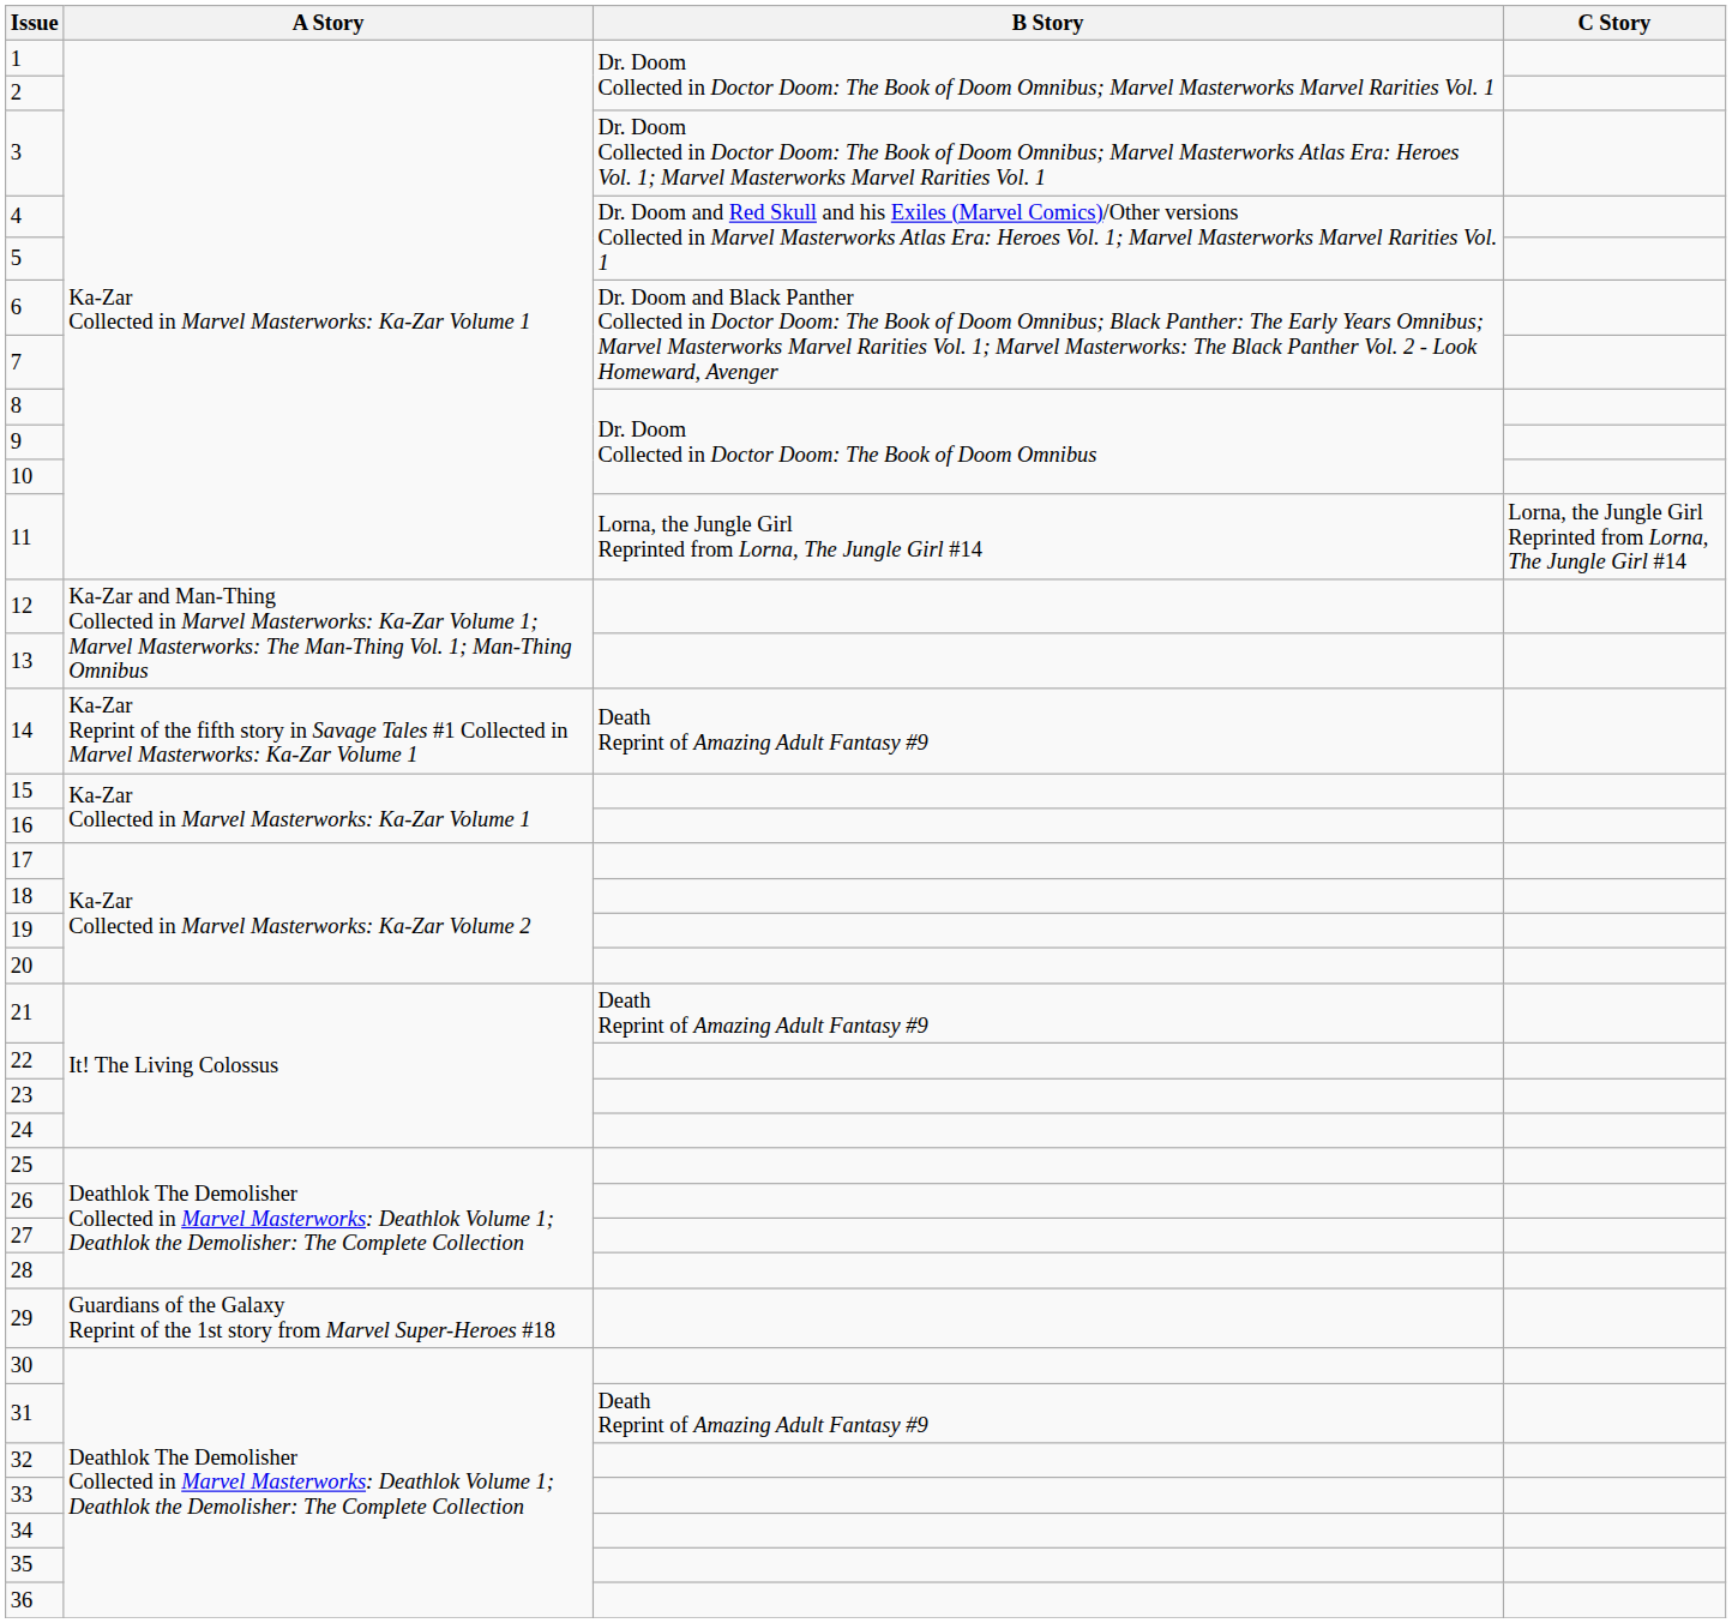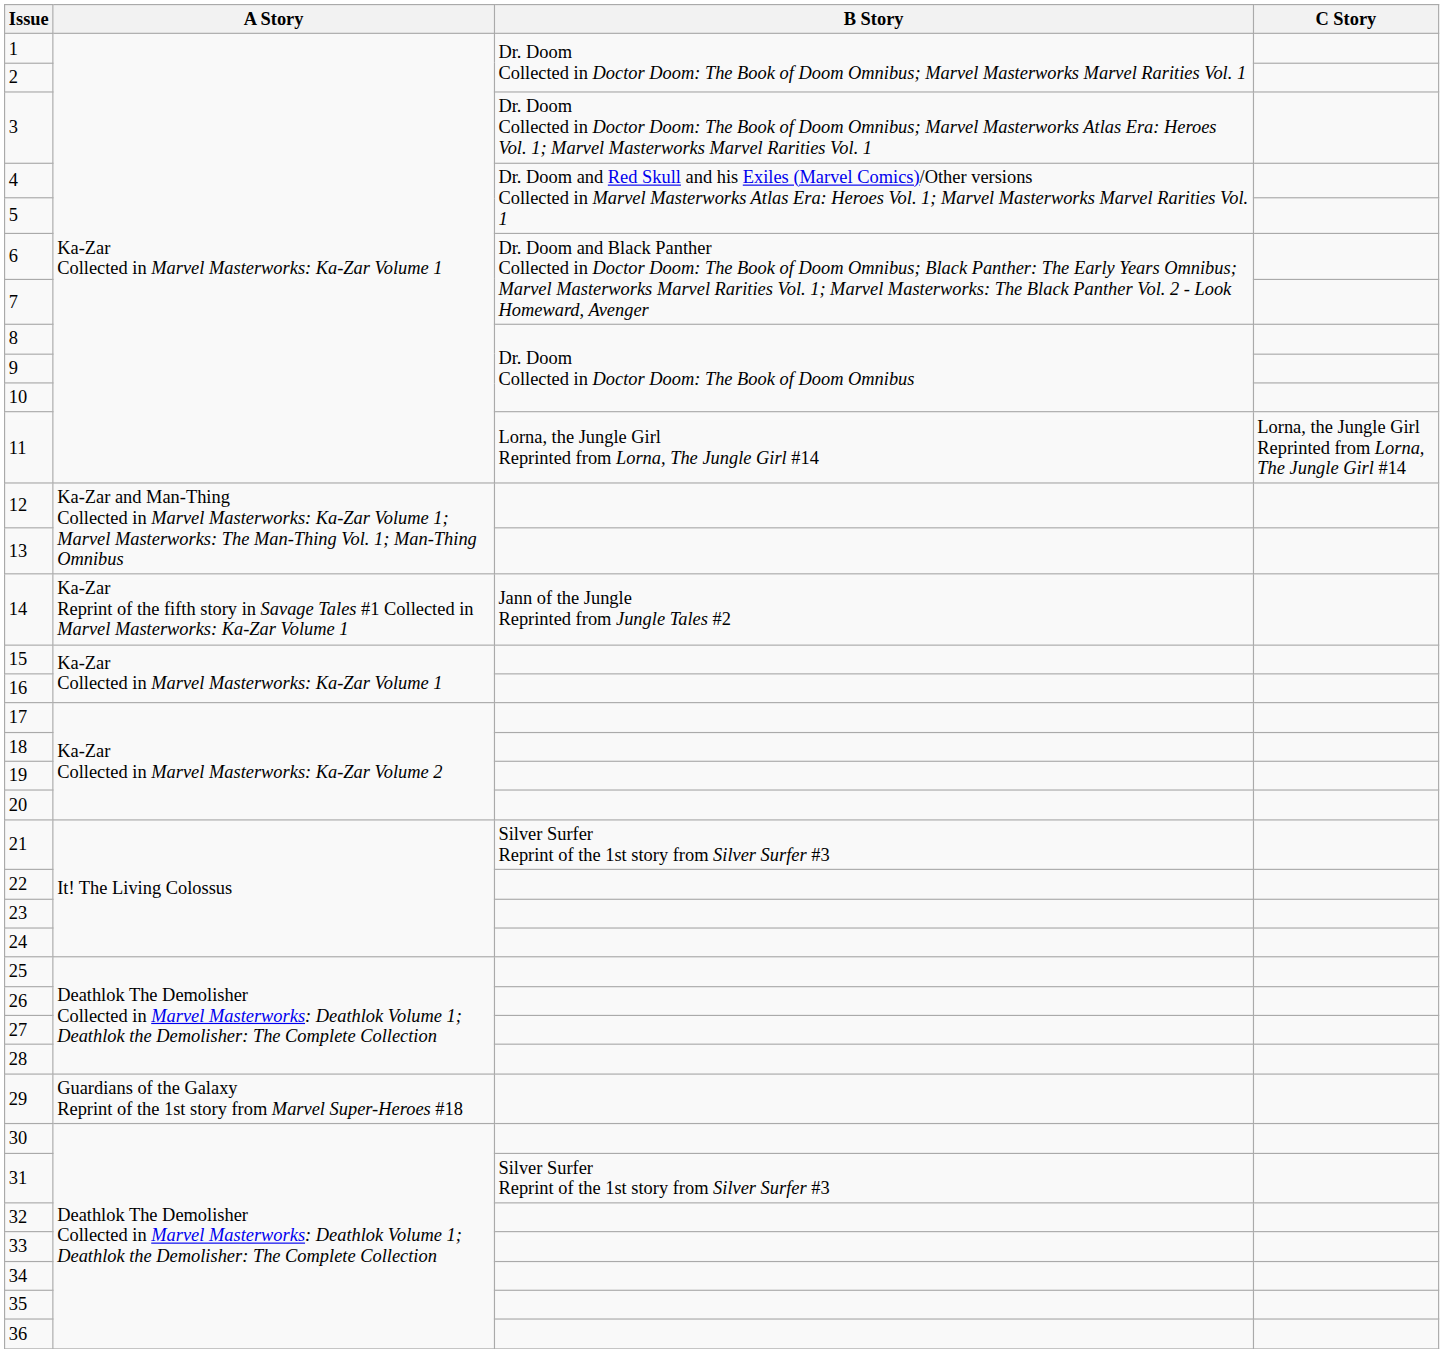 <table class="wikitable">
 <tr>
 <th>Issue</th>
 <th>A Story</th>
 <th>B Story</th>
 <th>C Story</th>
 </tr>
 <tr>
 <td>1</td>
 <td rowspan="11">Ka-Zar<br>Collected in <em>Marvel Masterworks: Ka-Zar Volume 1</em></td>
 <td rowspan="2">Dr. Doom<br>Collected in <em>Doctor Doom: The Book of Doom Omnibus; Marvel Masterworks Marvel Rarities Vol. 1</em></td>
 <td></td>
 </tr>
 <tr>
 <td>2</td>
 <td></td>
 </tr>
 <tr>
 <td>3</td>
 <td>Dr. Doom<br>Collected in <em>Doctor Doom: The Book of Doom Omnibus; Marvel Masterworks Atlas Era: Heroes Vol. 1; Marvel Masterworks Marvel Rarities Vol. 1</em></td>
 <td></td>
 </tr>
 <tr>
 <td>4</td>
 <td rowspan="2">Dr. Doom and <a href='#'>Red Skull</a> and his <a href='#'>Exiles (Marvel Comics)</a>/Other versions<br>Collected in <em>Marvel Masterworks Atlas Era: Heroes Vol. 1; Marvel Masterworks Marvel Rarities Vol. 1</em></td>
 <td></td>
 </tr>
 <tr>
 <td>5</td>
 <td></td>
 </tr>
 <tr>
 <td>6</td>
 <td rowspan="2">Dr. Doom and Black Panther<br>Collected in <em>Doctor Doom: The Book of Doom Omnibus; Black Panther: The Early Years Omnibus; Marvel Masterworks Marvel Rarities Vol. 1; Marvel Masterworks: The Black Panther Vol. 2 - Look Homeward, Avenger</em></td>
 <td></td>
 </tr>
 <tr>
 <td>7</td>
 <td></td>
 </tr>
 <tr>
 <td>8</td>
 <td rowspan="3">Dr. Doom<br>Collected in <em>Doctor Doom: The Book of Doom Omnibus</em></td>
 <td></td>
 </tr>
 <tr>
 <td>9</td>
 <td></td>
 </tr>
 <tr>
 <td>10</td>
 <td></td>
 </tr>
 <tr>
 <td>11</td>
 <td>Lorna, the Jungle Girl<br>Reprinted from <em>Lorna, The Jungle Girl</em> #14</td>
 <td>Lorna, the Jungle Girl<br>Reprinted from <em>Lorna, The Jungle Girl</em> #14</td>
 </tr>
 <tr>
 <td>12</td>
 <td rowspan="2">Ka-Zar and Man-Thing<br>Collected in <em>Marvel Masterworks: Ka-Zar Volume 1; Marvel Masterworks: The Man-Thing Vol. 1; Man-Thing Omnibus</em></td>
 <td></td>
 <td></td>
 </tr>
 <tr>
 <td>13</td>
 <td></td>
 <td></td>
 </tr>
 <tr>
 <td>14</td>
 <td>Ka-Zar<br>Reprint of the fifth story in <em>Savage Tales</em> #1 Collected in <em>Marvel Masterworks: Ka-Zar Volume 1</em></td>
-<td>Death<br>Reprint of <em>Amazing Adult Fantasy #9</em></td>
+<td>Jann of the Jungle<br>Reprinted from <em>Jungle Tales</em> #2</td>
 <td></td>
 </tr>
 <tr>
 <td>15</td>
 <td rowspan="2">Ka-Zar<br>Collected in <em>Marvel Masterworks: Ka-Zar Volume 1</em></td>
 <td></td>
 <td></td>
 </tr>
 <tr>
 <td>16</td>
 <td></td>
 <td></td>
 </tr>
 <tr>
 <td>17</td>
 <td rowspan="4">Ka-Zar<br>Collected in <em>Marvel Masterworks: Ka-Zar Volume 2</em></td>
 <td></td>
 <td></td>
 </tr>
 <tr>
 <td>18</td>
 <td></td>
 <td></td>
 </tr>
 <tr>
 <td>19</td>
 <td></td>
 <td></td>
 </tr>
 <tr>
 <td>20</td>
 <td></td>
 <td></td>
 </tr>
 <tr>
 <td>21</td>
 <td rowspan="4">It! The Living Colossus</td>
-<td>Death<br>Reprint of <em>Amazing Adult Fantasy #9</em></td>
+<td>Silver Surfer<br>Reprint of the 1st story from <em>Silver Surfer</em> #3</td>
 <td></td>
 </tr>
 <tr>
 <td>22</td>
 <td></td>
 <td></td>
 </tr>
 <tr>
 <td>23</td>
 <td></td>
 <td></td>
 </tr>
 <tr>
 <td>24</td>
 <td></td>
 <td></td>
 </tr>
 <tr>
 <td>25</td>
 <td rowspan="4">Deathlok The Demolisher<br>Collected in <em><a href='#'>Marvel Masterworks</a>: Deathlok Volume 1; Deathlok the Demolisher: The Complete Collection</em></td>
 <td></td>
 <td></td>
 </tr>
 <tr>
 <td>26</td>
 <td></td>
 <td></td>
 </tr>
 <tr>
 <td>27</td>
 <td></td>
 <td></td>
 </tr>
 <tr>
 <td>28</td>
 <td></td>
 <td></td>
 </tr>
 <tr>
 <td>29</td>
 <td>Guardians of the Galaxy<br>Reprint of the 1st story from <em>Marvel Super-Heroes</em> #18</td>
 <td></td>
 <td></td>
 </tr>
 <tr>
 <td>30</td>
 <td rowspan="7">Deathlok The Demolisher<br>Collected in <em><a href='#'>Marvel Masterworks</a>: Deathlok Volume 1; Deathlok the Demolisher: The Complete Collection</em></td>
 <td></td>
 <td></td>
 </tr>
 <tr>
 <td>31</td>
-<td>Death<br>Reprint of <em>Amazing Adult Fantasy #9</em></td>
+<td>Silver Surfer<br>Reprint of the 1st story from <em>Silver Surfer</em> #3</td>
 <td></td>
 </tr>
 <tr>
 <td>32</td>
 <td></td>
 <td></td>
 </tr>
 <tr>
 <td>33</td>
 <td></td>
 <td></td>
 </tr>
 <tr>
 <td>34</td>
 <td></td>
 <td></td>
 </tr>
 <tr>
 <td>35</td>
 <td></td>
 <td></td>
 </tr>
 <tr>
 <td>36</td>
 <td></td>
 <td></td>
 </tr>
 </table>
